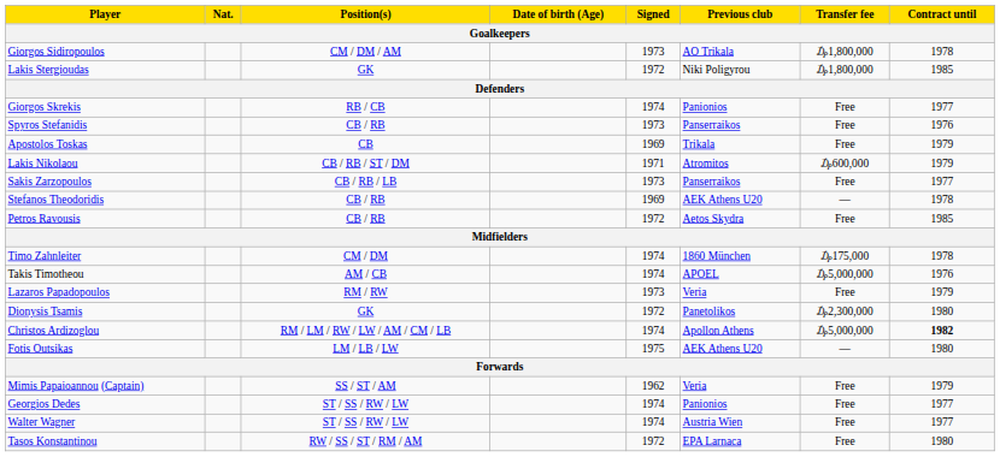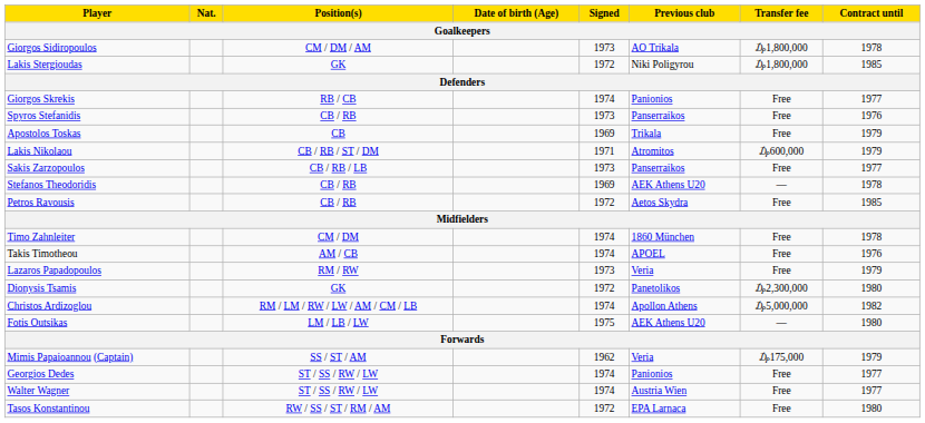 <table class="wikitable" style="text-align:center; font-size:90%;width:100%;">
 <tr>
 <th style="background:#FFDE00">Player</th>
 <th style="background:#FFDE00">Nat.</th>
 <th style="background:#FFDE00">Position(s)</th>
 <th style="background:#FFDE00">Date of birth (Age)</th>
 <th style="background:#FFDE00">Signed</th>
 <th style="background:#FFDE00">Previous club</th>
 <th style="background:#FFDE00">Transfer fee</th>
 <th style="background:#FFDE00">Contract until</th>
 </tr>
 <tr>
 <th colspan="8">Goalkeepers</th>
 </tr>
 <tr>
 <td align=left><a href='#'>Giorgos Sidiropoulos</a></td>
 <td></td>
 <td><a href='#'>CM</a> / <a href='#'>DM</a> / <a href='#'>AM</a></td>
 <td></td>
 <td>1973</td>
 <td align=left> <a href='#'>AO Trikala</a></td>
 <td>₯1,800,000</td>
 <td>1978</td>
 </tr>
 <tr>
 <td align=left><a href='#'>Lakis Stergioudas</a></td>
 <td></td>
 <td><a href='#'>GK</a></td>
 <td></td>
 <td>1972</td>
 <td align=left> Niki Poligyrou</td>
 <td>₯1,800,000</td>
 <td>1985</td>
 </tr>
 <tr>
 <th colspan="8">Defenders</th>
 </tr>
 <tr>
 <td align=left><a href='#'>Giorgos Skrekis</a></td>
 <td></td>
 <td><a href='#'>RB</a> / <a href='#'>CB</a></td>
 <td></td>
 <td>1974</td>
 <td align=left> <a href='#'>Panionios</a></td>
 <td>Free</td>
 <td>1977</td>
 </tr>
 <tr>
 <td align=left><a href='#'>Spyros Stefanidis</a></td>
 <td></td>
 <td><a href='#'>CB</a> / <a href='#'>RB</a></td>
 <td></td>
 <td>1973</td>
 <td align=left> <a href='#'>Panserraikos</a></td>
 <td>Free</td>
 <td>1976</td>
 </tr>
 <tr>
 <td align=left><a href='#'>Apostolos Toskas</a></td>
 <td></td>
 <td><a href='#'>CB</a></td>
 <td></td>
 <td>1969</td>
 <td align=left> <a href='#'>Trikala</a></td>
 <td>Free</td>
 <td>1979</td>
 </tr>
 <tr>
 <td align=left><a href='#'>Lakis Nikolaou</a></td>
 <td></td>
 <td><a href='#'>CB</a> / <a href='#'>RB</a> / <a href='#'>ST</a> / <a href='#'>DM</a></td>
 <td></td>
 <td>1971</td>
 <td align=left> <a href='#'>Atromitos</a></td>
 <td>₯600,000</td>
 <td>1979</td>
 </tr>
 <tr>
 <td align=left><a href='#'>Sakis Zarzopoulos</a></td>
 <td></td>
 <td><a href='#'>CB</a> / <a href='#'>RB</a> / <a href='#'>LB</a></td>
 <td></td>
 <td>1973</td>
 <td align=left> <a href='#'>Panserraikos</a></td>
 <td>Free</td>
 <td>1977</td>
 </tr>
 <tr>
 <td align=left><a href='#'>Stefanos Theodoridis</a></td>
 <td></td>
 <td><a href='#'>CB</a> / <a href='#'>RB</a></td>
 <td></td>
 <td>1969</td>
 <td align=left> <a href='#'>AEK Athens U20</a></td>
 <td>—</td>
 <td>1978</td>
 </tr>
 <tr>
 <td align=left><a href='#'>Petros Ravousis</a></td>
 <td></td>
 <td><a href='#'>CB</a> / <a href='#'>RB</a></td>
 <td></td>
 <td>1972</td>
 <td align=left> <a href='#'>Aetos Skydra</a></td>
 <td>Free</td>
 <td>1985</td>
 </tr>
 <tr>
 <th colspan="8">Midfielders</th>
 </tr>
 <tr>
 <td align=left><a href='#'>Timo Zahnleiter</a></td>
 <td></td>
 <td><a href='#'>CM</a> / <a href='#'>DM</a></td>
 <td></td>
 <td>1974</td>
 <td align=left> <a href='#'>1860 München</a></td>
-<td>₯175,000</td>
+<td>Free</td>
 <td>1978</td>
 </tr>
 <tr>
 <td align=left>Takis Timotheou</td>
 <td></td>
 <td><a href='#'>AM</a> / <a href='#'>CB</a></td>
 <td></td>
 <td>1974</td>
 <td align=left> <a href='#'>APOEL</a></td>
-<td>₯5,000,000</td>
+<td>Free</td>
 <td>1976</td>
 </tr>
 <tr>
 <td align=left><a href='#'>Lazaros Papadopoulos</a></td>
 <td></td>
 <td><a href='#'>RM</a> / <a href='#'>RW</a></td>
 <td></td>
 <td>1973</td>
 <td align=left> <a href='#'>Veria</a></td>
 <td>Free</td>
 <td>1979</td>
 </tr>
 <tr>
 <td align=left><a href='#'>Dionysis Tsamis</a></td>
 <td></td>
 <td><a href='#'>GK</a></td>
 <td></td>
 <td>1972</td>
 <td align=left> <a href='#'>Panetolikos</a></td>
 <td>₯2,300,000</td>
 <td>1980</td>
 </tr>
 <tr>
 <td align=left><a href='#'>Christos Ardizoglou</a></td>
 <td></td>
 <td><a href='#'>RM</a> / <a href='#'>LM</a> / <a href='#'>RW</a> / <a href='#'>LW</a>  / <a href='#'>AM</a> / <a href='#'>CM</a> / <a href='#'>LB</a></td>
 <td></td>
 <td>1974</td>
 <td align=left> <a href='#'>Apollon Athens</a></td>
 <td>₯5,000,000</td>
-<td><strong>1982</strong></td>
+<td>1982</td>
 </tr>
 <tr>
 <td align=left><a href='#'>Fotis Outsikas</a></td>
 <td></td>
 <td><a href='#'>LM</a> / <a href='#'>LB</a> / <a href='#'>LW</a></td>
 <td></td>
 <td>1975</td>
 <td align=left> <a href='#'>AEK Athens U20</a></td>
 <td>—</td>
 <td>1980</td>
 </tr>
 <tr>
 <th colspan="8">Forwards</th>
 </tr>
 <tr>
 <td align=left><a href='#'>Mimis Papaioannou</a> <a href='#'>(Captain)</a></td>
 <td></td>
 <td><a href='#'>SS</a> / <a href='#'>ST</a> / <a href='#'>AM</a></td>
 <td></td>
 <td>1962</td>
 <td align=left> <a href='#'>Veria</a></td>
-<td>Free</td>
+<td>₯175,000</td>
 <td>1979</td>
 </tr>
 <tr>
 <td align=left><a href='#'>Georgios Dedes</a></td>
 <td></td>
 <td><a href='#'>ST</a> / <a href='#'>SS</a> / <a href='#'>RW</a> / <a href='#'>LW</a></td>
 <td></td>
 <td>1974</td>
 <td align=left> <a href='#'>Panionios</a></td>
 <td>Free</td>
 <td>1977</td>
 </tr>
 <tr>
 <td align=left><a href='#'>Walter Wagner</a></td>
 <td></td>
 <td><a href='#'>ST</a> / <a href='#'>SS</a> / <a href='#'>RW</a> / <a href='#'>LW</a></td>
 <td></td>
 <td>1974</td>
 <td align=left> <a href='#'>Austria Wien</a></td>
 <td>Free</td>
 <td>1977</td>
 </tr>
 <tr>
 <td align=left><a href='#'>Tasos Konstantinou</a></td>
 <td></td>
 <td><a href='#'>RW</a> / <a href='#'>SS</a> / <a href='#'>ST</a> / <a href='#'>RM</a> / <a href='#'>AM</a></td>
 <td></td>
 <td>1972</td>
 <td align=left> <a href='#'>EPA Larnaca</a></td>
 <td>Free</td>
 <td>1980</td>
 </tr>
 </table>
